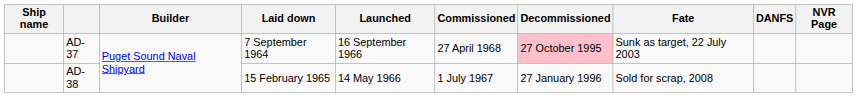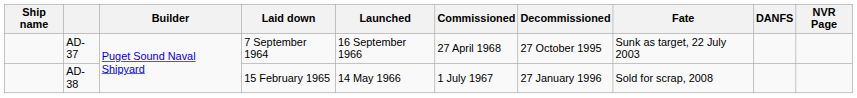 <table class="sortable wikitable plainrowheaders">
 <tr>
 <th scope="col">Ship name</th>
 <th scope="col"></th>
 <th scope="col">Builder</th>
 <th scope="col">Laid down</th>
 <th scope="col">Launched</th>
 <th scope="col">Commissioned</th>
 <th scope="col">Decommissioned</th>
 <th scope="col">Fate</th>
 <th scope="col">DANFS</th>
 <th scope="col">NVR Page</th>
 </tr>
 <tr>
 <td></td>
 <td>AD-37</td>
 <td rowspan=2><a href='#'>Puget Sound Naval Shipyard</a></td>
 <td>7 September 1964</td>
 <td>16 September 1966</td>
 <td>27 April 1968</td>
-<td style="background: pink;">27 October 1995</td>
+<td>27 October 1995</td>
 <td>Sunk as target, 22 July 2003</td>
 <td></td>
 <td></td>
 </tr>
 <tr>
 <td></td>
 <td>AD-38</td>
 <td>15 February 1965</td>
 <td>14 May 1966</td>
 <td>1 July 1967</td>
 <td>27 January 1996</td>
 <td>Sold for scrap, 2008</td>
 <td></td>
 <td></td>
 </tr>
 </table>
